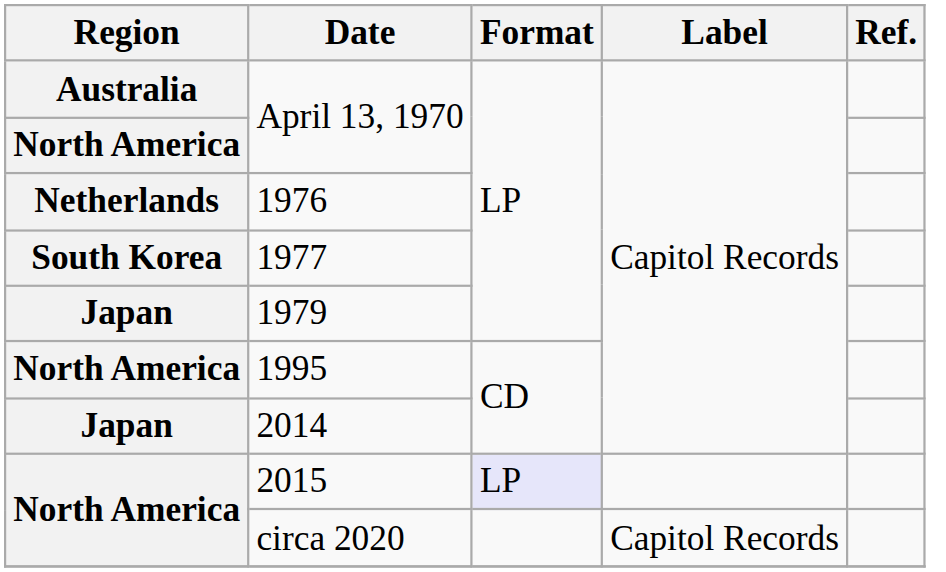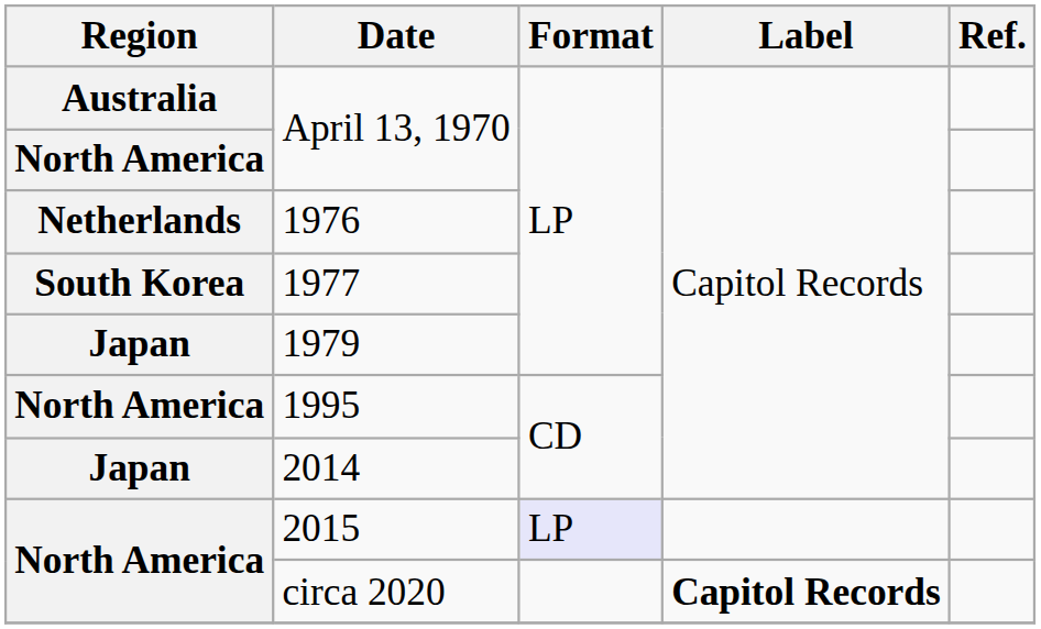 <table class="wikitable plainrowheaders">
 <tr>
 <th scope="col">Region</th>
 <th scope="col">Date</th>
 <th scope="col">Format</th>
 <th scope="col">Label</th>
 <th scope="col">Ref.</th>
 </tr>
 <tr>
 <th scope="row">Australia</th>
 <td rowspan="2">April 13, 1970</td>
 <td rowspan="5">LP</td>
 <td rowspan="7">Capitol Records</td>
 <td></td>
 </tr>
 <tr>
 <th scope="row">North America</th>
 <td></td>
 </tr>
 <tr>
 <th scope="row">Netherlands</th>
 <td>1976</td>
 <td></td>
 </tr>
 <tr>
 <th scope="row">South Korea</th>
 <td>1977</td>
 <td></td>
 </tr>
 <tr>
 <th scope="row">Japan</th>
 <td>1979</td>
 <td></td>
 </tr>
 <tr>
 <th scope="row">North America</th>
 <td>1995</td>
 <td rowspan="2">CD</td>
 <td></td>
 </tr>
 <tr>
 <th scope="row">Japan</th>
 <td>2014</td>
 <td></td>
 </tr>
 <tr>
 <th scope="row" rowspan="2">North America</th>
 <td>2015</td>
 <td style="background: lavender;">LP</td>
 <td></td>
 <td></td>
 </tr>
 <tr>
 <td>circa 2020</td>
 <td></td>
-<td>Capitol Records</td>
+<td><strong>Capitol Records</strong></td>
 <td></td>
 </tr>
 <tr>
 </tr>
 </table>
